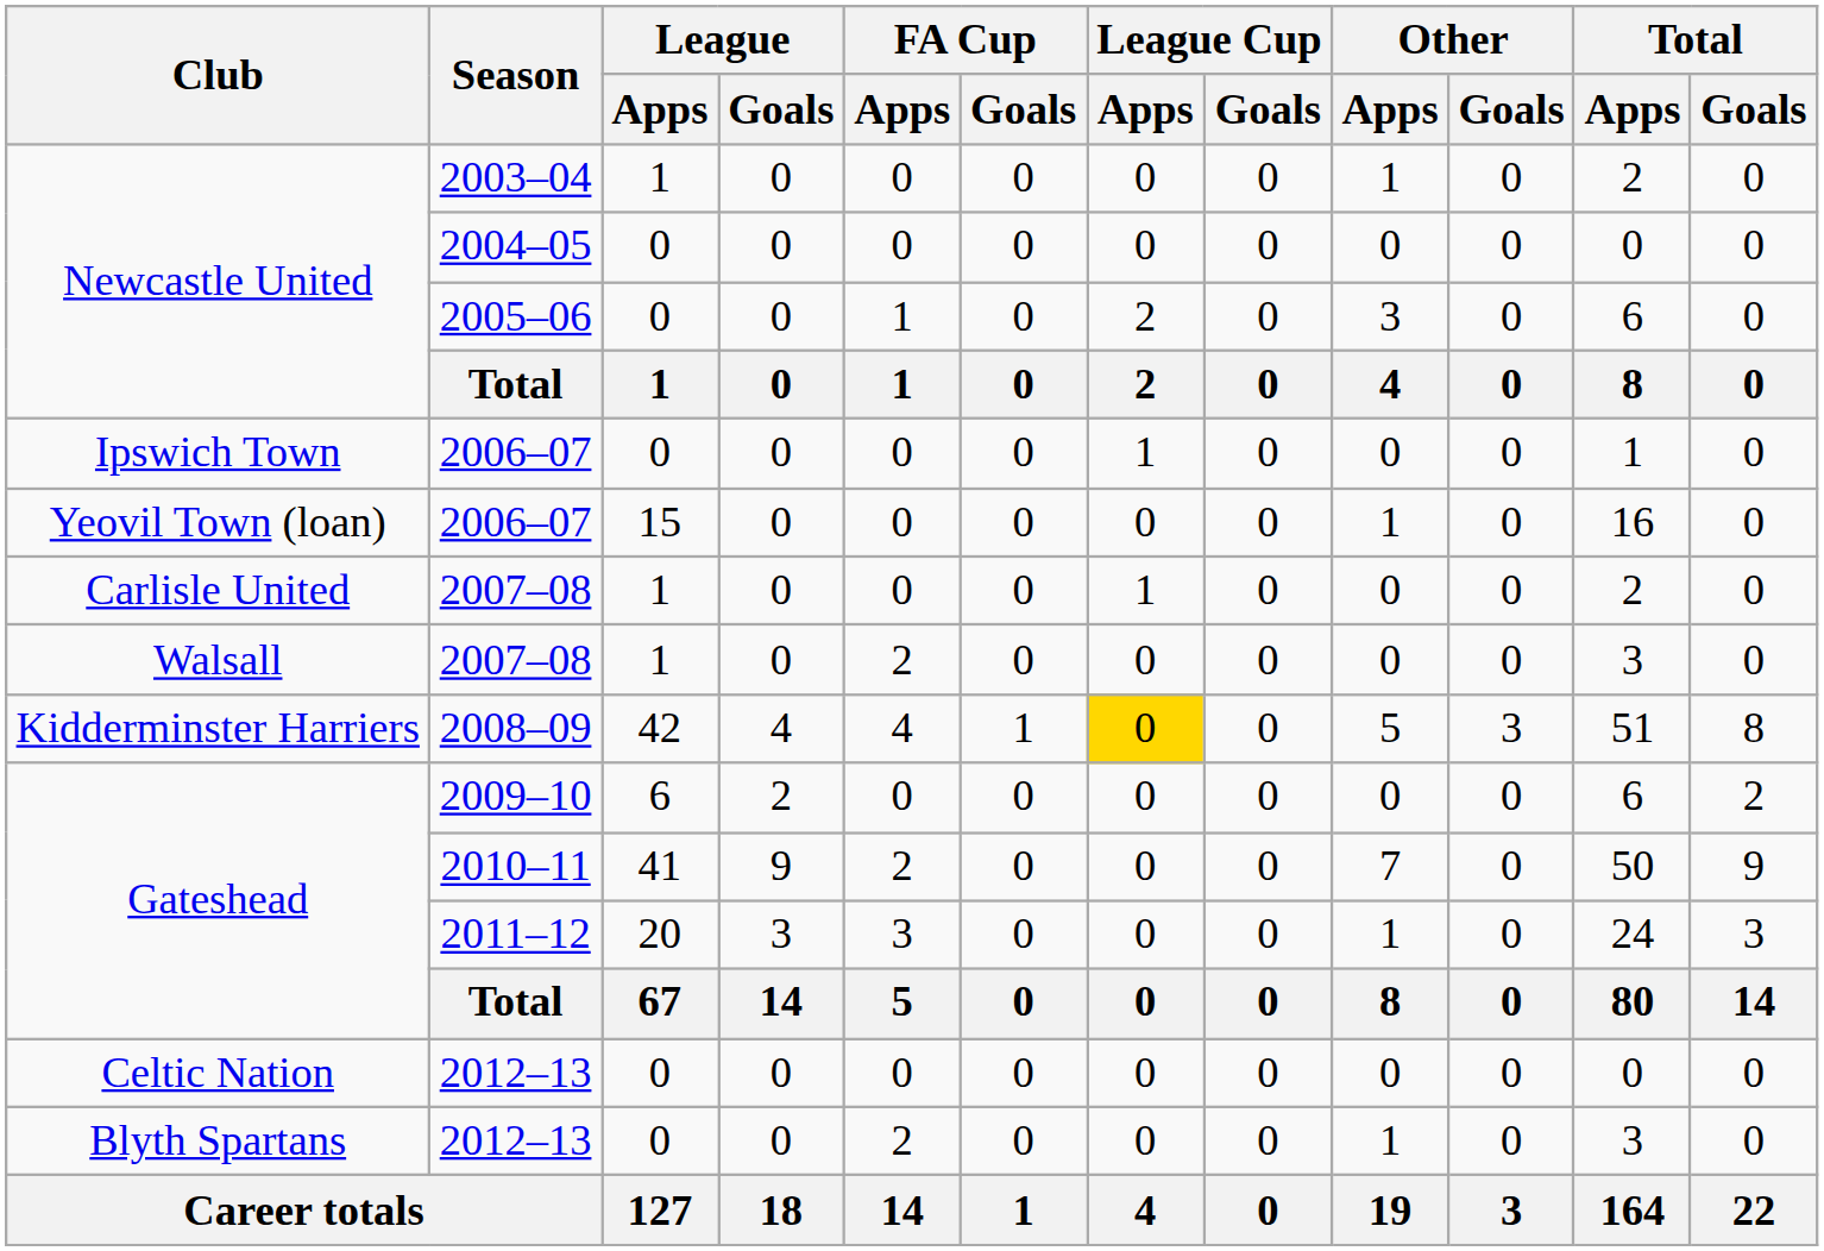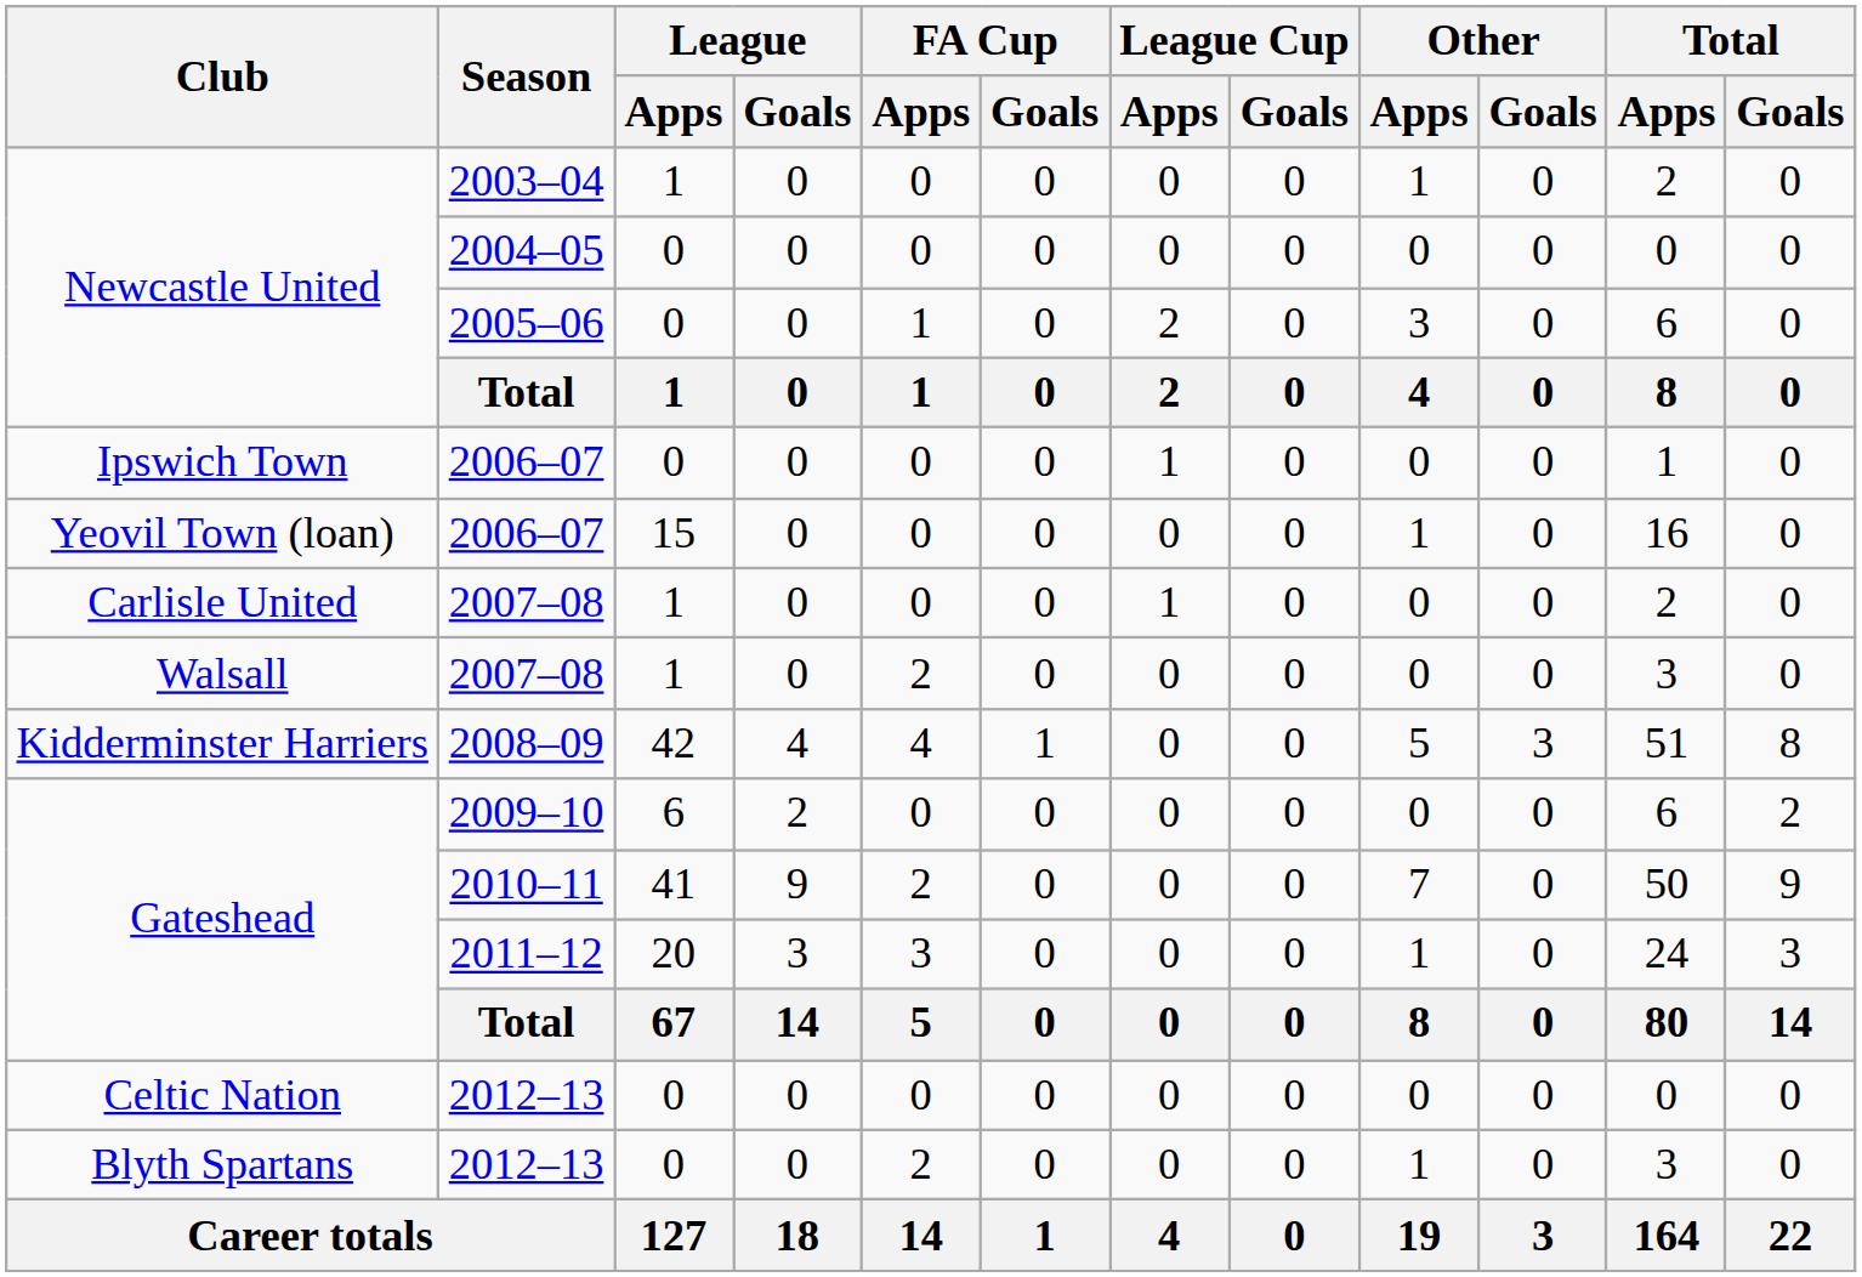 <table class="wikitable" style="text-align: center;">
 <tr>
 <th rowspan="2">Club</th>
 <th rowspan="2">Season</th>
 <th colspan="2">League</th>
 <th colspan="2">FA Cup</th>
 <th colspan="2">League Cup</th>
 <th colspan="2">Other</th>
 <th colspan="2">Total</th>
 </tr>
 <tr>
 <th>Apps</th>
 <th>Goals</th>
 <th>Apps</th>
 <th>Goals</th>
 <th>Apps</th>
 <th>Goals</th>
 <th>Apps</th>
 <th>Goals</th>
 <th>Apps</th>
 <th>Goals</th>
 </tr>
 <tr>
 <td rowspan="4"><a href='#'>Newcastle United</a></td>
 <td><a href='#'>2003–04</a></td>
 <td>1</td>
 <td>0</td>
 <td>0</td>
 <td>0</td>
 <td>0</td>
 <td>0</td>
 <td>1</td>
 <td>0</td>
 <td>2</td>
 <td>0</td>
 </tr>
 <tr>
 <td><a href='#'>2004–05</a></td>
 <td>0</td>
 <td>0</td>
 <td>0</td>
 <td>0</td>
 <td>0</td>
 <td>0</td>
 <td>0</td>
 <td>0</td>
 <td>0</td>
 <td>0</td>
 </tr>
 <tr>
 <td><a href='#'>2005–06</a></td>
 <td>0</td>
 <td>0</td>
 <td>1</td>
 <td>0</td>
 <td>2</td>
 <td>0</td>
 <td>3</td>
 <td>0</td>
 <td>6</td>
 <td>0</td>
 </tr>
 <tr>
 <th>Total</th>
 <th>1</th>
 <th>0</th>
 <th>1</th>
 <th>0</th>
 <th>2</th>
 <th>0</th>
 <th>4</th>
 <th>0</th>
 <th>8</th>
 <th>0</th>
 </tr>
 <tr>
 <td><a href='#'>Ipswich Town</a></td>
 <td><a href='#'>2006–07</a></td>
 <td>0</td>
 <td>0</td>
 <td>0</td>
 <td>0</td>
 <td>1</td>
 <td>0</td>
 <td>0</td>
 <td>0</td>
 <td>1</td>
 <td>0</td>
 </tr>
 <tr>
 <td><a href='#'>Yeovil Town</a> (loan)</td>
 <td><a href='#'>2006–07</a></td>
 <td>15</td>
 <td>0</td>
 <td>0</td>
 <td>0</td>
 <td>0</td>
 <td>0</td>
 <td>1</td>
 <td>0</td>
 <td>16</td>
 <td>0</td>
 </tr>
 <tr>
 <td><a href='#'>Carlisle United</a></td>
 <td><a href='#'>2007–08</a></td>
 <td>1</td>
 <td>0</td>
 <td>0</td>
 <td>0</td>
 <td>1</td>
 <td>0</td>
 <td>0</td>
 <td>0</td>
 <td>2</td>
 <td>0</td>
 </tr>
 <tr>
 <td><a href='#'>Walsall</a></td>
 <td><a href='#'>2007–08</a></td>
 <td>1</td>
 <td>0</td>
 <td>2</td>
 <td>0</td>
 <td>0</td>
 <td>0</td>
 <td>0</td>
 <td>0</td>
 <td>3</td>
 <td>0</td>
 </tr>
 <tr>
 <td><a href='#'>Kidderminster Harriers</a></td>
 <td><a href='#'>2008–09</a></td>
 <td>42</td>
 <td>4</td>
 <td>4</td>
 <td>1</td>
-<td style="background: gold;">0</td>
+<td>0</td>
 <td>0</td>
 <td>5</td>
 <td>3</td>
 <td>51</td>
 <td>8</td>
 </tr>
 <tr>
 <td rowspan="4"><a href='#'>Gateshead</a></td>
 <td><a href='#'>2009–10</a></td>
 <td>6</td>
 <td>2</td>
 <td>0</td>
 <td>0</td>
 <td>0</td>
 <td>0</td>
 <td>0</td>
 <td>0</td>
 <td>6</td>
 <td>2</td>
 </tr>
 <tr>
 <td><a href='#'>2010–11</a></td>
 <td>41</td>
 <td>9</td>
 <td>2</td>
 <td>0</td>
 <td>0</td>
 <td>0</td>
 <td>7</td>
 <td>0</td>
 <td>50</td>
 <td>9</td>
 </tr>
 <tr>
 <td><a href='#'>2011–12</a></td>
 <td>20</td>
 <td>3</td>
 <td>3</td>
 <td>0</td>
 <td>0</td>
 <td>0</td>
 <td>1</td>
 <td>0</td>
 <td>24</td>
 <td>3</td>
 </tr>
 <tr>
 <th>Total</th>
 <th>67</th>
 <th>14</th>
 <th>5</th>
 <th>0</th>
 <th>0</th>
 <th>0</th>
 <th>8</th>
 <th>0</th>
 <th>80</th>
 <th>14</th>
 </tr>
 <tr>
 <td><a href='#'>Celtic Nation</a></td>
 <td><a href='#'>2012–13</a></td>
 <td>0</td>
 <td>0</td>
 <td>0</td>
 <td>0</td>
 <td>0</td>
 <td>0</td>
 <td>0</td>
 <td>0</td>
 <td>0</td>
 <td>0</td>
 </tr>
 <tr>
 <td><a href='#'>Blyth Spartans</a></td>
 <td><a href='#'>2012–13</a></td>
 <td>0</td>
 <td>0</td>
 <td>2</td>
 <td>0</td>
 <td>0</td>
 <td>0</td>
 <td>1</td>
 <td>0</td>
 <td>3</td>
 <td>0</td>
 </tr>
 <tr>
 <th colspan="2">Career totals</th>
 <th>127</th>
 <th>18</th>
 <th>14</th>
 <th>1</th>
 <th>4</th>
 <th>0</th>
 <th>19</th>
 <th>3</th>
 <th>164</th>
 <th>22</th>
 </tr>
 </table>
